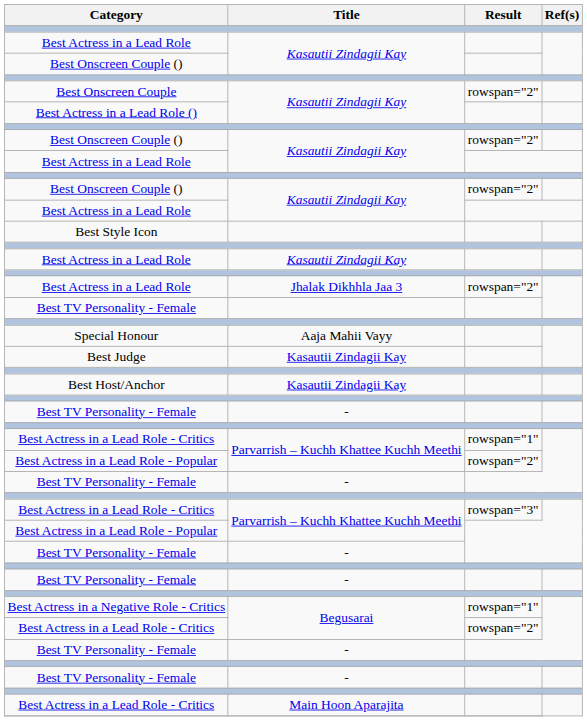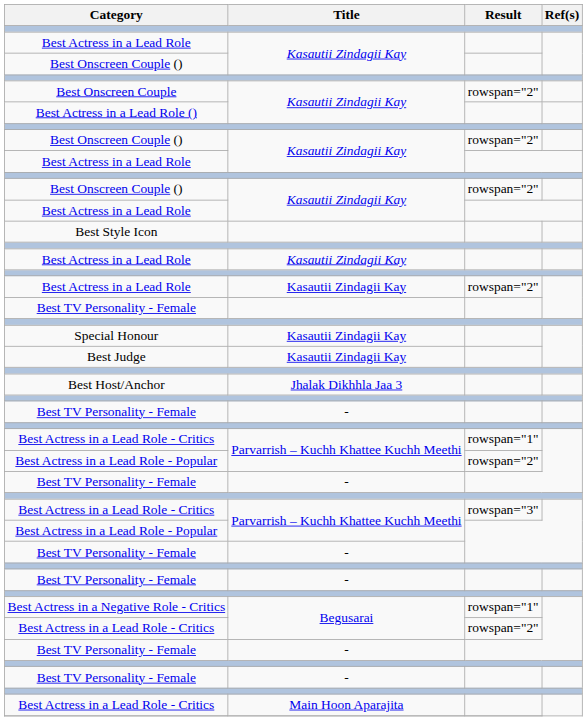 <table class= "wikitable" style="text-align:center;">
 <tr>
 <th>Category</th>
 <th>Title</th>
 <th>Result</th>
 <th>Ref(s)</th>
 </tr>
 <tr>
 <td style="background-color:#B0C4DE" colspan="4"></td>
 </tr>
 <tr>
 <td><a href='#'>Best Actress in a Lead Role</a></td>
 <td rowspan="2"><em><a href='#'>Kasautii Zindagii Kay</a></em></td>
 <td></td>
 <td rowspan="2"></td>
 </tr>
 <tr>
 <td><a href='#'>Best Onscreen Couple</a> ()</td>
 <td></td>
 </tr>
 <tr>
 <td style="background-color:#B0C4DE" colspan="4"></td>
 </tr>
 <tr>
 <td><a href='#'>Best Onscreen Couple</a></td>
 <td rowspan="2"><em><a href='#'>Kasautii Zindagii Kay</a></em></td>
 <td>rowspan="2" </td>
 <td></td>
 </tr>
 <tr>
 <td><a href='#'>Best Actress in a Lead Role ()</a></td>
 <td></td>
 </tr>
 <tr>
 <td style="background-color:#B0C4DE" colspan="4"></td>
 </tr>
 <tr>
 <td><a href='#'>Best Onscreen Couple</a> ()</td>
 <td rowspan="2"><em><a href='#'>Kasautii Zindagii Kay</a></em></td>
 <td>rowspan="2" </td>
 <td></td>
 </tr>
 <tr>
 <td><a href='#'>Best Actress in a Lead Role</a></td>
 </tr>
 <tr>
 <td style="background-color:#B0C4DE" colspan="4"></td>
 </tr>
 <tr>
 <td><a href='#'>Best Onscreen Couple</a> ()</td>
 <td rowspan="2"><em><a href='#'>Kasautii Zindagii Kay</a></em></td>
 <td>rowspan="2" </td>
 <td></td>
 </tr>
 <tr>
 <td><a href='#'>Best Actress in a Lead Role</a></td>
 </tr>
 <tr>
 <td>Best Style Icon</td>
 <td></td>
 <td></td>
 <td></td>
 </tr>
 <tr>
 <td style="background-color:#B0C4DE" colspan="4"></td>
 </tr>
 <tr>
 <td><a href='#'>Best Actress in a Lead Role</a></td>
 <td><em><a href='#'>Kasautii Zindagii Kay</a></em></td>
 <td></td>
 <td></td>
 </tr>
 <tr>
 <td style="background-color:#B0C4DE" colspan="4"></td>
 </tr>
 <tr>
 <td><a href='#'>Best Actress in a Lead Role</a></td>
-<td><a href='#'>Jhalak Dikhhla Jaa 3</a></td>
+<td><a href='#'>Kasautii Zindagii Kay</a></td>
 <td>rowspan="2" </td>
 </tr>
 <tr>
 <td><a href='#'>Best TV Personality - Female</a></td>
 <td></td>
 <td></td>
 </tr>
 <tr>
 <td style="background-color:#B0C4DE" colspan="4"></td>
 </tr>
 <tr>
 <td>Special Honour</td>
-<td>Aaja Mahii Vayy</td>
+<td><a href='#'>Kasautii Zindagii Kay</a></td>
 <td></td>
 </tr>
 <tr>
 <td>Best Judge</td>
 <td><a href='#'>Kasautii Zindagii Kay</a></td>
 <td></td>
 </tr>
 <tr>
 <td style="background-color:#B0C4DE" colspan="4"></td>
 </tr>
 <tr>
 <td>Best Host/Anchor</td>
-<td><a href='#'>Kasautii Zindagii Kay</a></td>
+<td><a href='#'>Jhalak Dikhhla Jaa 3</a></td>
 <td></td>
 </tr>
 <tr>
 <td style="background-color:#B0C4DE" colspan="4"></td>
 </tr>
 <tr>
 <td><a href='#'>Best TV Personality - Female</a></td>
 <td>-</td>
 <td></td>
 </tr>
 <tr>
 <td style="background-color:#B0C4DE" colspan="4"></td>
 </tr>
 <tr>
 <td><a href='#'>Best Actress in a Lead Role - Critics</a></td>
 <td rowspan="2"><a href='#'>Parvarrish – Kuchh Khattee Kuchh Meethi</a></td>
 <td>rowspan="1" </td>
 </tr>
 <tr>
 <td><a href='#'>Best Actress in a Lead Role - Popular</a></td>
 <td>rowspan="2" </td>
 </tr>
 <tr>
 <td><a href='#'>Best TV Personality - Female</a></td>
 <td>-</td>
 </tr>
 <tr>
 <td style="background-color:#B0C4DE" colspan="4"></td>
 </tr>
 <tr>
 <td><a href='#'>Best Actress in a Lead Role - Critics</a></td>
 <td rowspan="2"><a href='#'>Parvarrish – Kuchh Khattee Kuchh Meethi</a></td>
 <td>rowspan="3" </td>
 </tr>
 <tr>
 <td><a href='#'>Best Actress in a Lead Role - Popular</a></td>
 </tr>
 <tr>
 <td><a href='#'>Best TV Personality - Female</a></td>
 <td>-</td>
 </tr>
 <tr>
 <td style="background-color:#B0C4DE" colspan="4"></td>
 </tr>
 <tr>
 <td><a href='#'>Best TV Personality - Female</a></td>
 <td>-</td>
 <td></td>
 </tr>
 <tr>
 <td style="background-color:#B0C4DE" colspan="4"></td>
 </tr>
 <tr>
 <td><a href='#'>Best Actress in a Negative Role - Critics</a></td>
 <td rowspan="2"><a href='#'>Begusarai</a></td>
 <td>rowspan="1" </td>
 </tr>
 <tr>
 <td><a href='#'>Best Actress in a Lead Role - Critics</a></td>
 <td>rowspan="2" </td>
 </tr>
 <tr>
 <td><a href='#'>Best TV Personality - Female</a></td>
 <td>-</td>
 </tr>
 <tr>
 <td style="background-color:#B0C4DE" colspan="4"></td>
 </tr>
 <tr>
 <td><a href='#'>Best TV Personality - Female</a></td>
 <td>-</td>
 <td></td>
 </tr>
 <tr>
 <td style="background-color:#B0C4DE" colspan="4"></td>
 </tr>
 <tr>
 <td><a href='#'>Best Actress in a Lead Role - Critics</a></td>
 <td><a href='#'>Main Hoon Aparajita</a></td>
 <td></td>
 </tr>
 <tr>
 </tr>
 </table>
